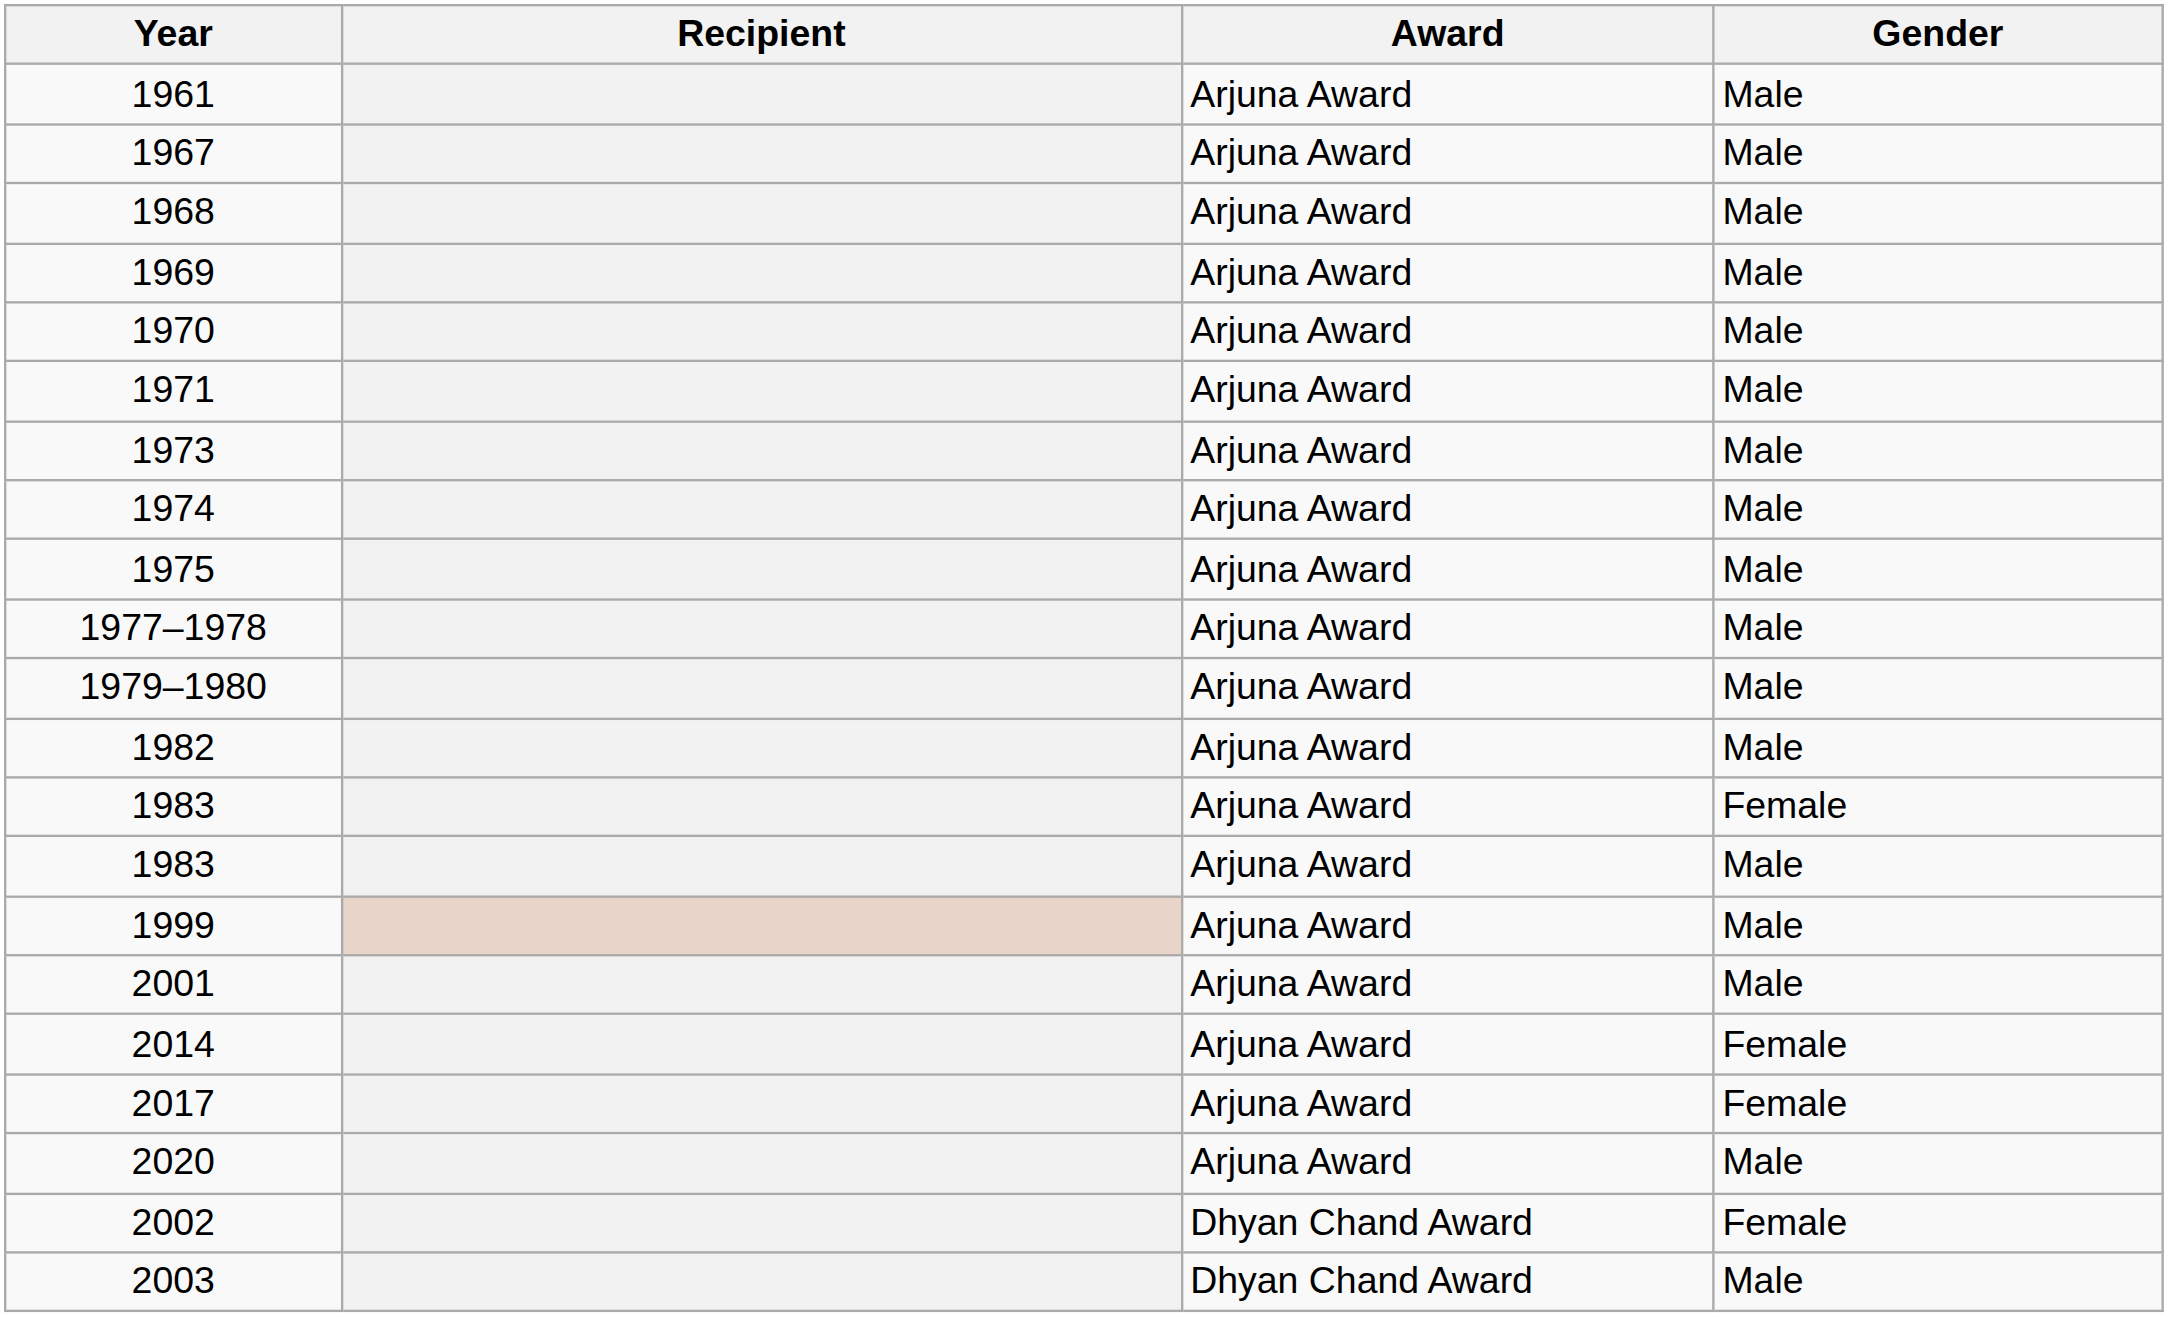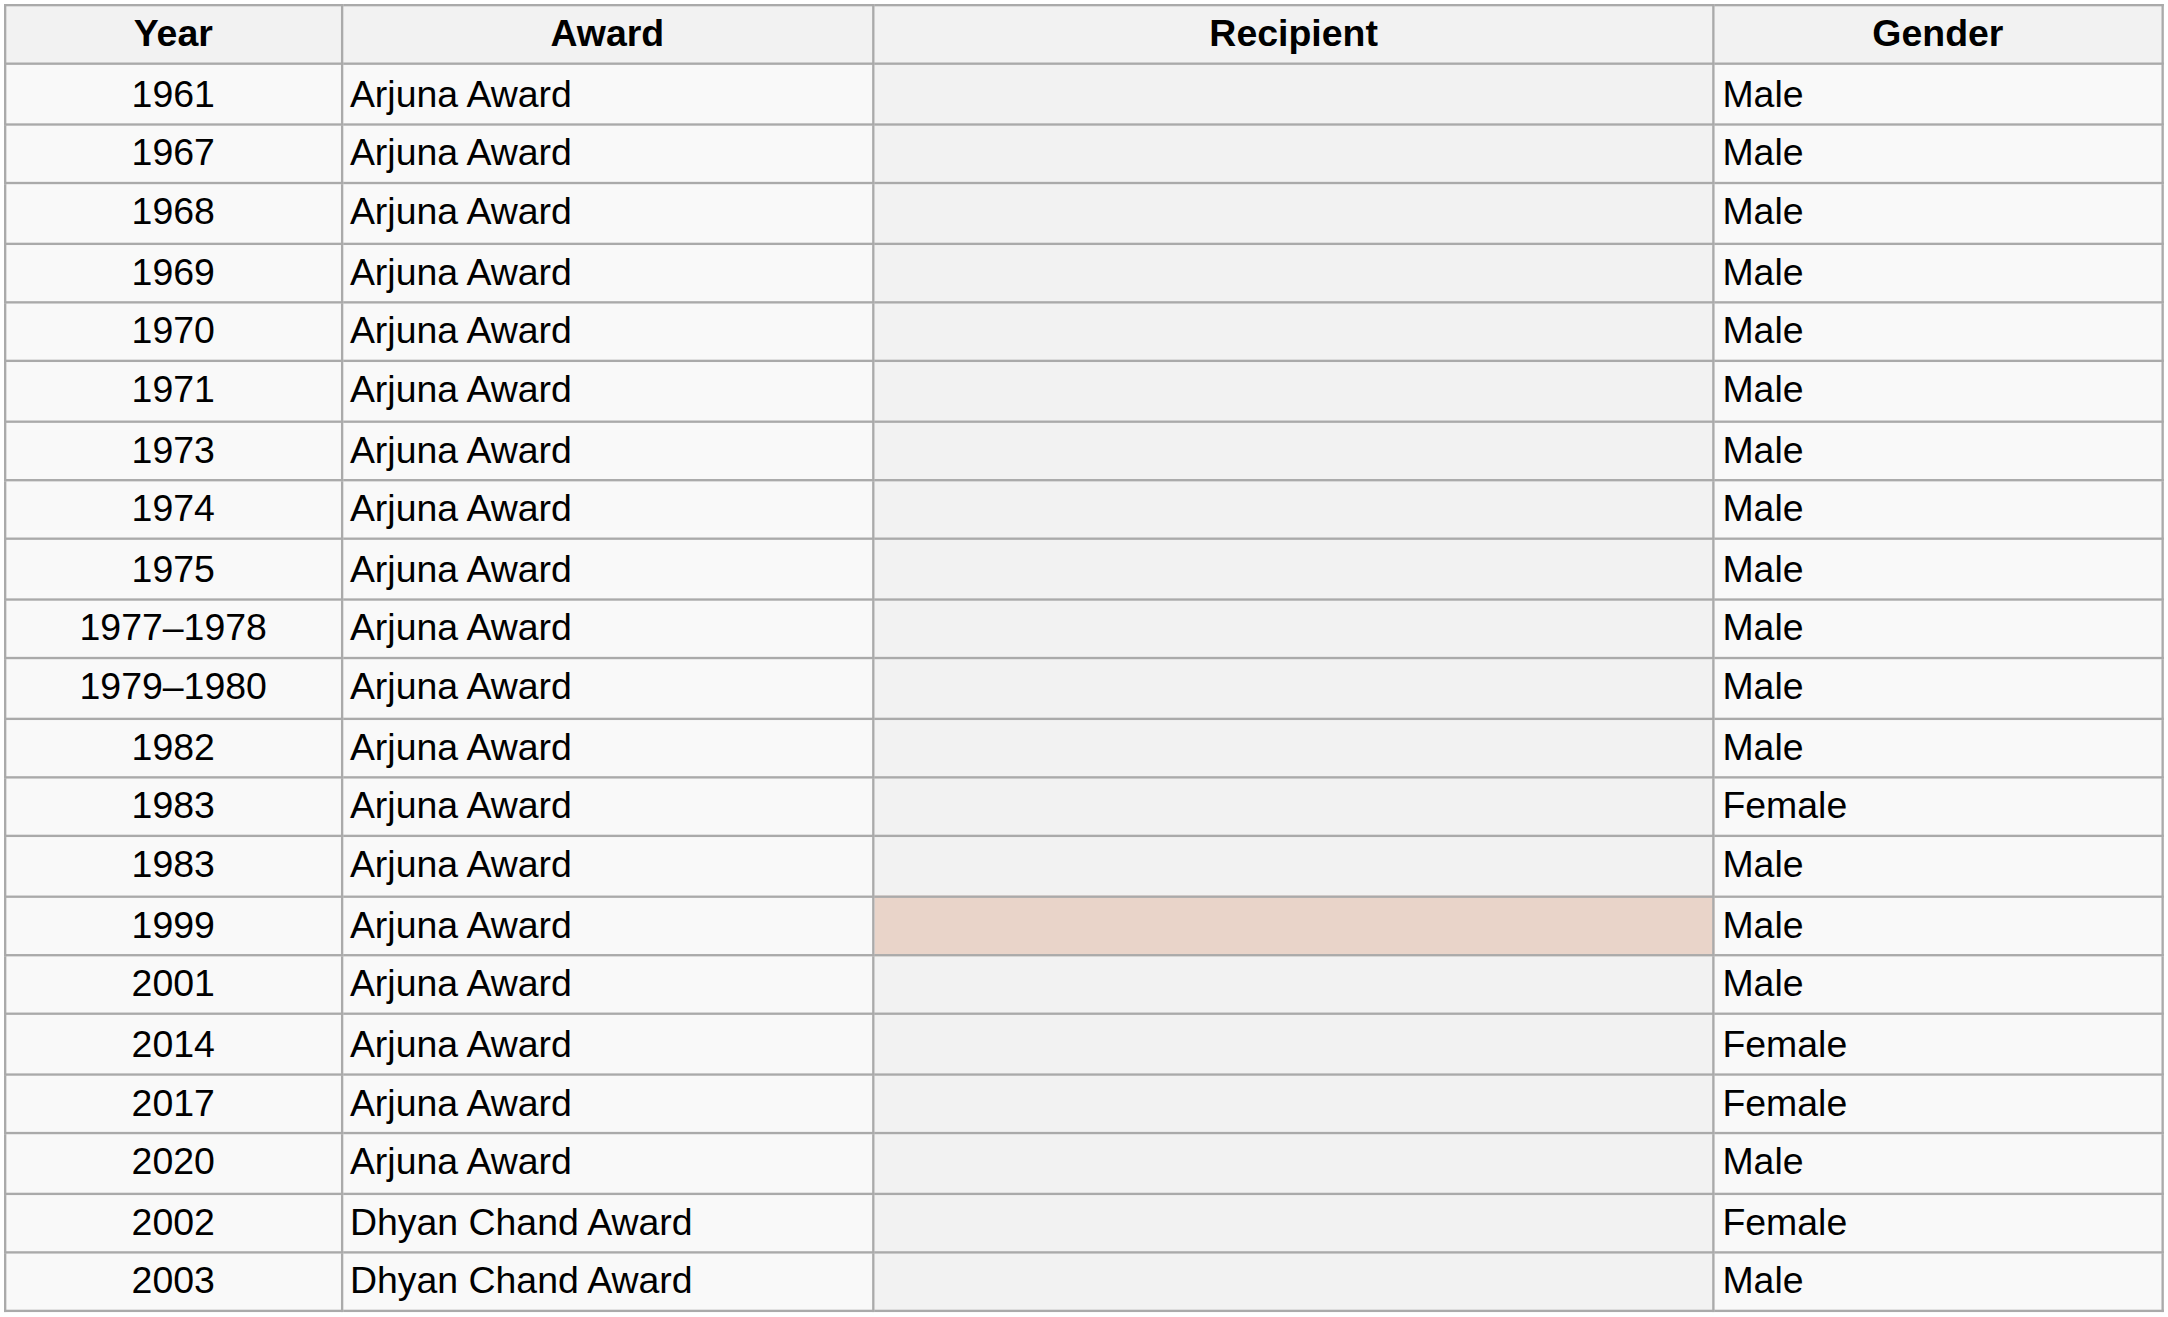 <table class="wikitable plainrowheaders sortable" style="width:73%">
 <tr>
 <th scope="col" style="width:12%">Year</th>
+<th scope="col" style="width:19%">Award</th>
 <th scope="col" style="width:30%">Recipient</th>
-<th scope="col" style="width:19%">Award</th>
 <th scope="col" style="width:16%">Gender</th>
 </tr>
 <tr>
 <td style="text-align:center;">1961</td>
+<td>Arjuna Award</td>
 <th scope="row"></th>
-<td>Arjuna Award</td>
 <td>Male</td>
 </tr>
 <tr>
 <td style="text-align:center;">1967</td>
+<td>Arjuna Award</td>
 <th scope="row"></th>
-<td>Arjuna Award</td>
 <td>Male</td>
 </tr>
 <tr>
 <td style="text-align:center;">1968</td>
+<td>Arjuna Award</td>
 <th scope="row"></th>
-<td>Arjuna Award</td>
 <td>Male</td>
 </tr>
 <tr>
 <td style="text-align:center;">1969</td>
+<td>Arjuna Award</td>
 <th scope="row"></th>
-<td>Arjuna Award</td>
 <td>Male</td>
 </tr>
 <tr>
 <td style="text-align:center;">1970</td>
+<td>Arjuna Award</td>
 <th scope="row"></th>
-<td>Arjuna Award</td>
 <td>Male</td>
 </tr>
 <tr>
 <td style="text-align:center;">1971</td>
+<td>Arjuna Award</td>
 <th scope="row"></th>
-<td>Arjuna Award</td>
 <td>Male</td>
 </tr>
 <tr>
 <td style="text-align:center;">1973</td>
+<td>Arjuna Award</td>
 <th scope="row"></th>
-<td>Arjuna Award</td>
 <td>Male</td>
 </tr>
 <tr>
 <td style="text-align:center;">1974</td>
+<td>Arjuna Award</td>
 <th scope="row"></th>
-<td>Arjuna Award</td>
 <td>Male</td>
 </tr>
 <tr>
 <td style="text-align:center;">1975</td>
+<td>Arjuna Award</td>
 <th scope="row"></th>
-<td>Arjuna Award</td>
 <td>Male</td>
 </tr>
 <tr>
 <td style="text-align:center;">1977–1978</td>
+<td>Arjuna Award</td>
 <th scope="row"></th>
-<td>Arjuna Award</td>
 <td>Male</td>
 </tr>
 <tr>
 <td style="text-align:center;">1979–1980</td>
+<td>Arjuna Award</td>
 <th scope="row"></th>
-<td>Arjuna Award</td>
 <td>Male</td>
 </tr>
 <tr>
 <td style="text-align:center;">1982</td>
+<td>Arjuna Award</td>
 <th scope="row"></th>
-<td>Arjuna Award</td>
 <td>Male</td>
 </tr>
 <tr>
 <td style="text-align:center;">1983</td>
+<td>Arjuna Award</td>
 <th scope="row"></th>
-<td>Arjuna Award</td>
 <td>Female</td>
 </tr>
 <tr>
 <td style="text-align:center;">1983</td>
+<td>Arjuna Award</td>
 <th scope="row"></th>
-<td>Arjuna Award</td>
 <td>Male</td>
 </tr>
 <tr>
 <td style="text-align:center;">1999</td>
+<td>Arjuna Award</td>
 <th scope="row" style="background-color:#E9D4C9"> </th>
-<td>Arjuna Award</td>
 <td>Male</td>
 </tr>
 <tr>
 <td style="text-align:center;">2001</td>
+<td>Arjuna Award</td>
 <th scope="row"></th>
-<td>Arjuna Award</td>
 <td>Male</td>
 </tr>
 <tr>
 <td style="text-align:center;">2014</td>
+<td>Arjuna Award</td>
 <th scope="row"></th>
-<td>Arjuna Award</td>
 <td>Female</td>
 </tr>
 <tr>
 <td style="text-align:center;">2017</td>
+<td>Arjuna Award</td>
 <th scope="row"></th>
-<td>Arjuna Award</td>
 <td>Female</td>
 </tr>
 <tr>
 <td style="text-align:center;">2020</td>
+<td>Arjuna Award</td>
 <th scope="row"></th>
-<td>Arjuna Award</td>
 <td>Male</td>
 </tr>
 <tr>
 <td style="text-align:center;">2002</td>
+<td>Dhyan Chand Award</td>
 <th scope="row"></th>
-<td>Dhyan Chand Award</td>
 <td>Female</td>
 </tr>
 <tr>
 <td style="text-align:center;">2003</td>
+<td>Dhyan Chand Award</td>
 <th scope="row"></th>
-<td>Dhyan Chand Award</td>
 <td>Male</td>
 </tr>
 </table>
